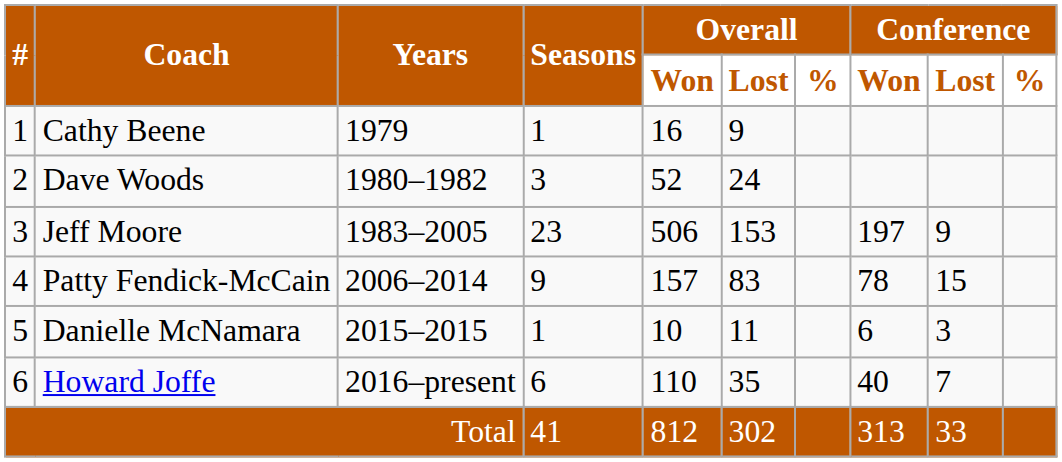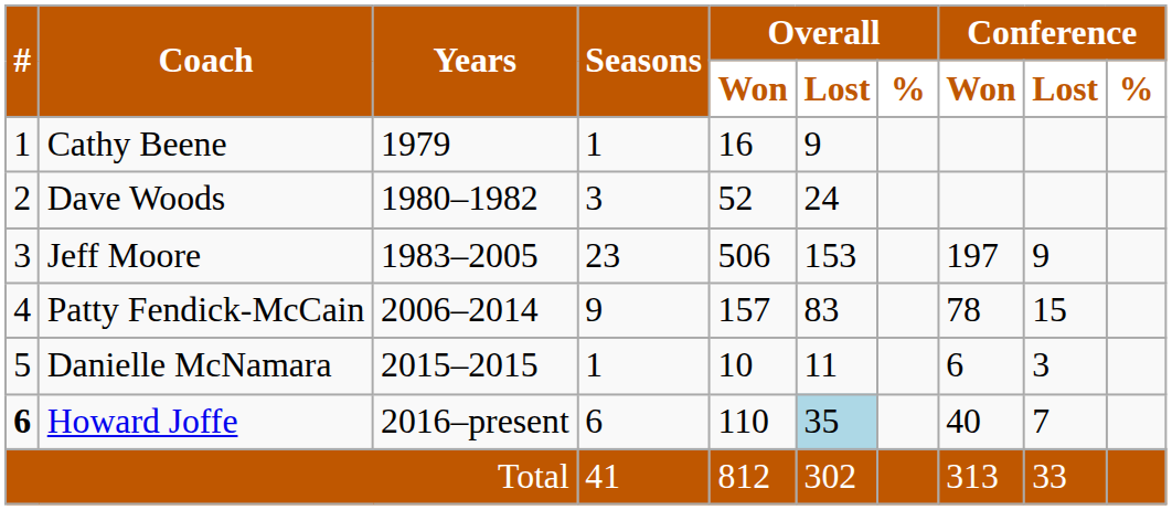 <table class="wikitable">
 <tr>
 <td rowspan="2" style= "background: #BF5700; color:white; text-align:center"><strong>#</strong></td>
 <td rowspan="2" style= "background: #BF5700; color:white; text-align:center"><strong>Coach</strong></td>
 <td rowspan="2" style= "background: #BF5700; color:white; text-align:center"><strong>Years</strong></td>
 <td rowspan="2" style= "background: #BF5700; color:white; text-align:center"><strong>Seasons</strong></td>
 <td colspan="3" style= "background: #BF5700; color:white; text-align:center"><strong>Overall</strong></td>
 <td colspan="3" style= "background: #BF5700; color:white; text-align:center"><strong>Conference</strong></td>
 </tr>
 <tr>
 <th style="width:20px; background: white; color:#BF5700; text-align:center">Won</th>
 <th style="width:20px; background: white; color:#BF5700; text-align:center">Lost</th>
 <th style="width:20px; background: white; color:#BF5700; text-align:center">%</th>
 <th style="width:20px; background: white; color:#BF5700; text-align:center">Won</th>
 <th style="width:20px; background: white; color:#BF5700; text-align:center">Lost</th>
 <th style="width:20px; background: white; color:#BF5700; text-align:center">%</th>
 </tr>
 <tr>
 <td>1</td>
 <td>Cathy Beene</td>
 <td>1979</td>
 <td>1</td>
 <td>16</td>
 <td>9</td>
 <td></td>
 <td></td>
 <td></td>
 <td></td>
 </tr>
 <tr>
 <td>2</td>
 <td>Dave Woods</td>
 <td>1980–1982</td>
 <td>3</td>
 <td>52</td>
 <td>24</td>
 <td></td>
 <td></td>
 <td></td>
 <td></td>
 </tr>
 <tr>
 <td>3</td>
 <td>Jeff Moore</td>
 <td>1983–2005</td>
 <td>23</td>
 <td>506</td>
 <td>153</td>
 <td></td>
 <td>197</td>
 <td>9</td>
 <td></td>
 </tr>
 <tr>
 <td>4</td>
 <td>Patty Fendick-McCain</td>
 <td>2006–2014</td>
 <td>9</td>
 <td>157</td>
 <td>83</td>
 <td></td>
 <td>78</td>
 <td>15</td>
 <td></td>
 </tr>
 <tr>
 <td>5</td>
 <td>Danielle McNamara</td>
 <td>2015–2015</td>
 <td>1</td>
 <td>10</td>
 <td>11</td>
 <td></td>
 <td>6</td>
 <td>3</td>
 <td></td>
 </tr>
 <tr>
-<td>6</td>
+<td><strong>6</strong></td>
 <td><a href='#'>Howard Joffe</a></td>
 <td>2016–present</td>
 <td>6</td>
 <td>110</td>
-<td>35</td>
+<td style="background: lightblue;">35</td>
 <td></td>
 <td>40</td>
 <td>7</td>
 <td></td>
 </tr>
 <tr>
 </tr>
 <tr style= "background: #BF5700; color:white">
 <td colspan="3" align="right">Total</td>
 <td>41</td>
 <td>812</td>
 <td>302</td>
 <td></td>
 <td>313</td>
 <td>33</td>
 <td></td>
 </tr>
 </table>
